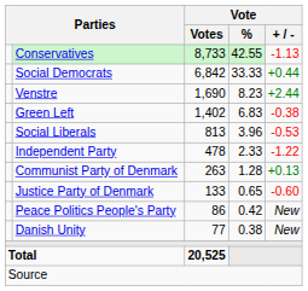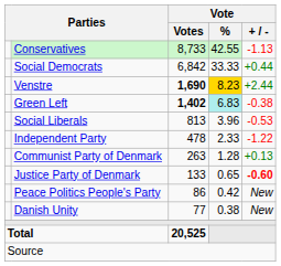 <table class="wikitable" style="text-align:right;">
 <tr>
 <th style="text-align:centre;" rowspan="2" colspan="2" width="225">Parties</th>
 <th colspan="3">Vote</th>
 </tr>
 <tr>
 <th width="15">Votes</th>
 <th width="15">%</th>
 <th width="15">+ / -</th>
 </tr>
 <tr>
 <td width="2" style="color:inherit;background:"></td>
 <td bgcolor=#ccf7cc  align="left"><a href='#'>Conservatives</a></td>
 <td bgcolor=#ccf7cc>8,733</td>
 <td bgcolor=#ccf7cc>42.55</td>
 <td style=color:red;>-1.13</td>
 </tr>
 <tr>
 <td width="2" style="color:inherit;background:"></td>
 <td align="left"><a href='#'>Social Democrats</a></td>
 <td>6,842</td>
 <td>33.33</td>
 <td style=color:green;>+0.44</td>
 </tr>
 <tr>
 <td width="2" style="color:inherit;background:"></td>
 <td align="left"><a href='#'>Venstre</a></td>
-<td>1,690</td>
-<td>8.23</td>
+<td><strong>1,690</strong></td>
+<td style="background: gold;">8.23</td>
 <td style=color:green;>+2.44</td>
 </tr>
 <tr>
 <td width="2" style="color:inherit;background:"></td>
 <td align="left"><a href='#'>Green Left</a></td>
-<td>1,402</td>
-<td>6.83</td>
+<td><strong>1,402</strong></td>
+<td style="background: paleturquoise;">6.83</td>
 <td style=color:red;>-0.38</td>
 </tr>
 <tr>
 <td width="2" style="color:inherit;background:"></td>
 <td align="left"><a href='#'>Social Liberals</a></td>
 <td>813</td>
 <td>3.96</td>
 <td style=color:red;>-0.53</td>
 </tr>
 <tr>
 <td width="2" style="color:inherit;background:"></td>
 <td align="left"><a href='#'>Independent Party</a></td>
 <td>478</td>
 <td>2.33</td>
 <td style=color:red;>-1.22</td>
 </tr>
 <tr>
 <td width="2" style="color:inherit;background:"></td>
 <td align="left"><a href='#'>Communist Party of Denmark</a></td>
 <td>263</td>
 <td>1.28</td>
 <td style=color:green;>+0.13</td>
 </tr>
 <tr>
 <td width="2" style="color:inherit;background:"></td>
 <td align="left"><a href='#'>Justice Party of Denmark</a></td>
 <td>133</td>
 <td>0.65</td>
-<td style=color:red;>-0.60</td>
+<td style=color:red;><strong>-0.60</strong></td>
 </tr>
 <tr>
 <td width="2" style="color:inherit;background:"></td>
 <td align="left"><a href='#'>Peace Politics People's Party</a></td>
 <td>86</td>
 <td>0.42</td>
 <td><em>New</em></td>
 </tr>
 <tr>
 <td width="2" style="color:inherit;background:"></td>
 <td align="left"><a href='#'>Danish Unity</a></td>
 <td>77</td>
 <td>0.38</td>
 <td><em>New</em></td>
 </tr>
 <tr>
 <td colspan="7" bgcolor="#E9E9E9"></td>
 </tr>
 <tr>
 <td align="left" colspan="2"><strong>Total</strong></td>
 <td><strong>20,525</strong></td>
 <td bgcolor="#E9E9E9" colspan="2"></td>
 </tr>
 <tr>
 <td align="left" colspan="6">Source</td>
 </tr>
 </table>
